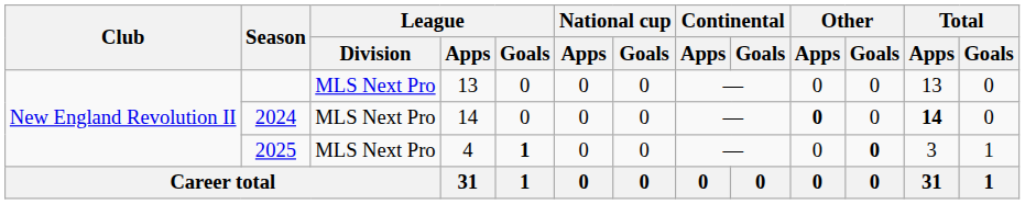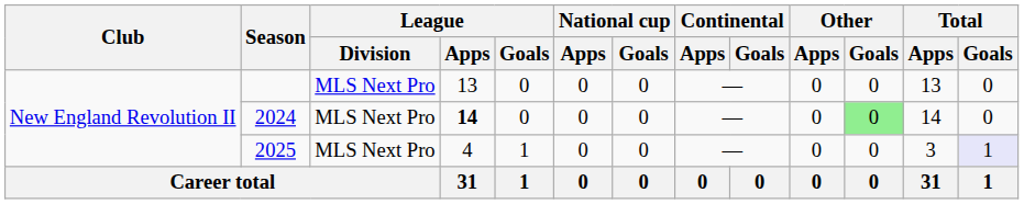 <table class="wikitable" style="text-align:center">
 <tr>
 <th rowspan="2">Club</th>
 <th rowspan="2">Season</th>
 <th colspan="3">League</th>
 <th colspan="2">National cup</th>
 <th colspan="2">Continental</th>
 <th colspan="2">Other</th>
 <th colspan="2">Total</th>
 </tr>
 <tr>
 <th>Division</th>
 <th>Apps</th>
 <th>Goals</th>
 <th>Apps</th>
 <th>Goals</th>
 <th>Apps</th>
 <th>Goals</th>
 <th>Apps</th>
 <th>Goals</th>
 <th>Apps</th>
 <th>Goals</th>
 </tr>
 <tr>
 <td rowspan=3><a href='#'>New England Revolution II</a></td>
 <td></td>
 <td><a href='#'>MLS Next Pro</a></td>
 <td>13</td>
 <td>0</td>
 <td>0</td>
 <td>0</td>
 <td colspan="2">—</td>
 <td>0</td>
 <td>0</td>
 <td>13</td>
 <td>0</td>
 </tr>
 <tr>
 <td><a href='#'>2024</a></td>
 <td>MLS Next Pro</td>
-<td>14</td>
+<td><strong>14</strong></td>
 <td>0</td>
 <td>0</td>
 <td>0</td>
 <td colspan="2">—</td>
-<td><strong>0</strong></td>
 <td>0</td>
-<td><strong>14</strong></td>
+<td style="background: lightgreen;">0</td>
+<td>14</td>
 <td>0</td>
 </tr>
 <tr>
 <td><a href='#'>2025</a></td>
 <td>MLS Next Pro</td>
 <td>4</td>
-<td><strong>1</strong></td>
+<td>1</td>
 <td>0</td>
 <td>0</td>
 <td colspan="2">—</td>
 <td>0</td>
-<td><strong>0</strong></td>
+<td>0</td>
 <td>3</td>
-<td>1</td>
+<td style="background: lavender;">1</td>
 </tr>
 <tr>
 <th colspan="3">Career total</th>
 <th>31</th>
 <th>1</th>
 <th>0</th>
 <th>0</th>
 <th>0</th>
 <th>0</th>
 <th>0</th>
 <th>0</th>
 <th>31</th>
 <th>1</th>
 </tr>
 </table>
